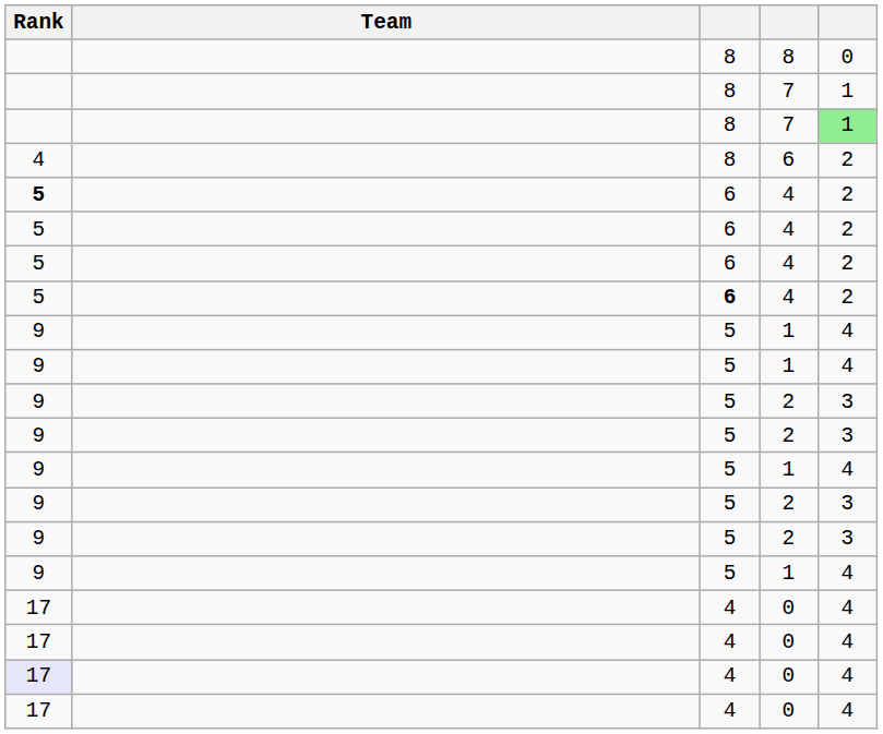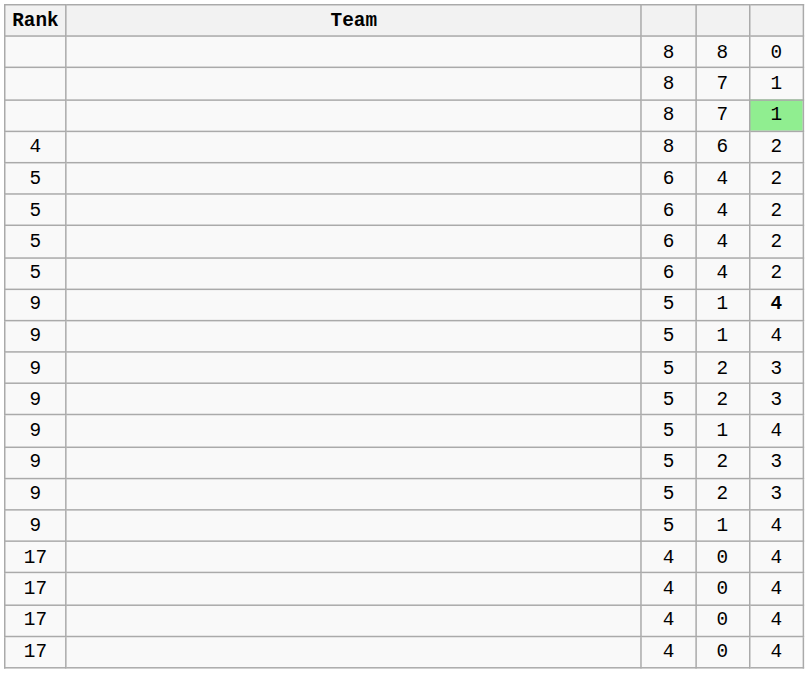 <table class="wikitable" style="text-align: center;">
 <tr>
 <th width=35>Rank</th>
 <th width=380>Team</th>
 <th width=30></th>
 <th width=30></th>
 <th width=30></th>
 </tr>
 <tr>
 <td></td>
 <td align=left></td>
 <td>8</td>
 <td>8</td>
 <td>0</td>
 </tr>
 <tr>
 <td></td>
 <td align=left></td>
 <td>8</td>
 <td>7</td>
 <td>1</td>
 </tr>
 <tr>
 <td></td>
 <td align=left></td>
 <td>8</td>
 <td>7</td>
 <td style="background: lightgreen;">1</td>
 </tr>
 <tr>
 <td>4</td>
 <td align=left></td>
 <td>8</td>
 <td>6</td>
 <td>2</td>
 </tr>
 <tr>
-<td><strong>5</strong></td>
+<td>5</td>
 <td align=left></td>
 <td>6</td>
 <td>4</td>
 <td>2</td>
 </tr>
 <tr>
 <td>5</td>
 <td align=left></td>
 <td>6</td>
 <td>4</td>
 <td>2</td>
 </tr>
 <tr>
 <td>5</td>
 <td align=left></td>
 <td>6</td>
 <td>4</td>
 <td>2</td>
 </tr>
 <tr>
 <td>5</td>
 <td align=left></td>
-<td><strong>6</strong></td>
+<td>6</td>
 <td>4</td>
 <td>2</td>
 </tr>
 <tr>
 <td>9</td>
 <td align=left></td>
 <td>5</td>
 <td>1</td>
-<td>4</td>
+<td><strong>4</strong></td>
 </tr>
 <tr>
 <td>9</td>
 <td align=left></td>
 <td>5</td>
 <td>1</td>
 <td>4</td>
 </tr>
 <tr>
 <td>9</td>
 <td align=left></td>
 <td>5</td>
 <td>2</td>
 <td>3</td>
 </tr>
 <tr>
 <td>9</td>
 <td align=left></td>
 <td>5</td>
 <td>2</td>
 <td>3</td>
 </tr>
 <tr>
 <td>9</td>
 <td align=left></td>
 <td>5</td>
 <td>1</td>
 <td>4</td>
 </tr>
 <tr>
 <td>9</td>
 <td align=left></td>
 <td>5</td>
 <td>2</td>
 <td>3</td>
 </tr>
 <tr>
 <td>9</td>
 <td align=left></td>
 <td>5</td>
 <td>2</td>
 <td>3</td>
 </tr>
 <tr>
 <td>9</td>
 <td align=left></td>
 <td>5</td>
 <td>1</td>
 <td>4</td>
 </tr>
 <tr>
 <td>17</td>
 <td align=left></td>
 <td>4</td>
 <td>0</td>
 <td>4</td>
 </tr>
 <tr>
 <td>17</td>
 <td align=left></td>
 <td>4</td>
 <td>0</td>
 <td>4</td>
 </tr>
 <tr>
-<td style="background: lavender;">17</td>
+<td>17</td>
 <td align=left></td>
 <td>4</td>
 <td>0</td>
 <td>4</td>
 </tr>
 <tr>
 <td>17</td>
 <td align=left></td>
 <td>4</td>
 <td>0</td>
 <td>4</td>
 </tr>
 </table>
